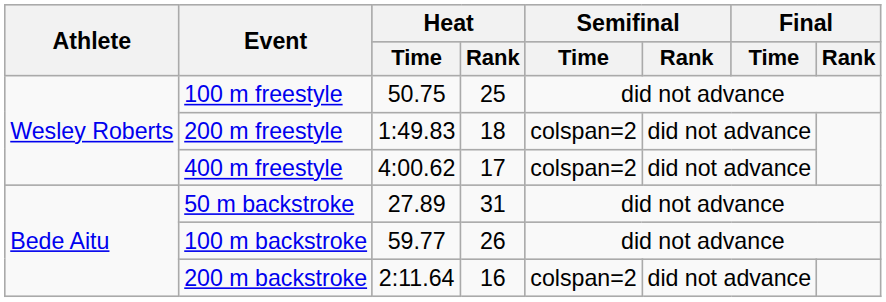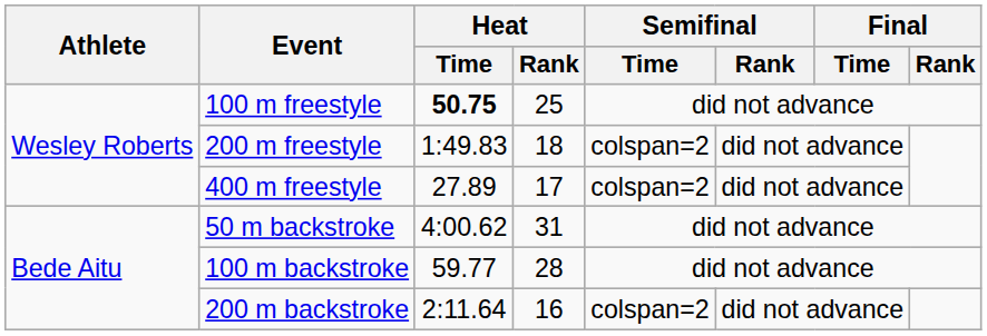 <table class=wikitable style=font-size:90%>
 <tr>
 <th rowspan=2>Athlete</th>
 <th rowspan=2>Event</th>
 <th colspan=2>Heat</th>
 <th colspan=2>Semifinal</th>
 <th colspan=2>Final</th>
 </tr>
 <tr style=font-size:95%>
 <th>Time</th>
 <th>Rank</th>
 <th>Time</th>
 <th>Rank</th>
 <th>Time</th>
 <th>Rank</th>
 </tr>
 <tr align=center>
 <td align=left rowspan=3><a href='#'>Wesley Roberts</a></td>
 <td align=left rowspan="1"><a href='#'>100 m freestyle</a></td>
-<td>50.75</td>
+<td><strong>50.75</strong></td>
 <td>25</td>
 <td colspan=4>did not advance</td>
 </tr>
 <tr align=center>
 <td align=left rowspan="1"><a href='#'>200 m freestyle</a></td>
 <td>1:49.83</td>
 <td>18</td>
 <td>colspan=2 </td>
 <td colspan=2>did not advance</td>
 </tr>
 <tr align=center>
 <td align=left rowspan="1"><a href='#'>400 m freestyle</a></td>
-<td>4:00.62</td>
+<td>27.89</td>
 <td>17</td>
 <td>colspan=2 </td>
 <td colspan=2>did not advance</td>
 </tr>
 <tr align=center>
 <td align=left rowspan=3><a href='#'>Bede Aitu</a></td>
 <td style="text-align:left;"><a href='#'>50 m backstroke</a></td>
-<td>27.89</td>
+<td>4:00.62</td>
 <td>31</td>
 <td colspan=4>did not advance</td>
 </tr>
 <tr align=center>
 <td style="text-align:left;"><a href='#'>100 m backstroke</a></td>
 <td>59.77</td>
-<td>26</td>
+<td>28</td>
 <td colspan=4>did not advance</td>
 </tr>
 <tr align=center>
 <td align=left rowspan="1"><a href='#'>200 m backstroke</a></td>
 <td>2:11.64</td>
 <td>16</td>
 <td>colspan=2 </td>
 <td colspan=2>did not advance</td>
 </tr>
 </table>
